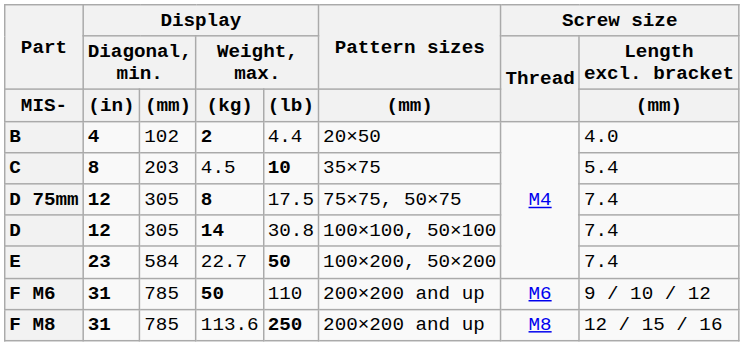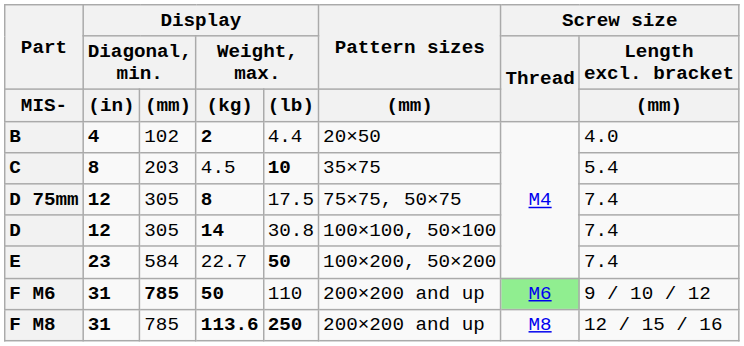 <table class="wikitable">
 <tr>
 <th rowspan=2>Part</th>
 <th colspan="4">Display</th>
 <th rowspan=2>Pattern sizes</th>
 <th colspan="2">Screw size</th>
 </tr>
 <tr>
 <th colspan="2">Diagonal,<br> min.</th>
 <th colspan="2">Weight,<br> max.</th>
 <th rowspan=2>Thread</th>
 <th>Length <br>excl. bracket</th>
 </tr>
 <tr>
 <th>MIS-</th>
 <th>(in)</th>
 <th>(mm)</th>
 <th>(kg)</th>
 <th>(lb)</th>
 <th>(mm)</th>
 <th>(mm)</th>
 </tr>
 <tr>
 <th style="text-align:left" scope="row">B</th>
 <td><strong>4</strong></td>
 <td>102</td>
 <td><strong>2</strong></td>
 <td>4.4</td>
 <td>20×50</td>
 <td rowspan="5" align="center"><a href='#'>M4</a></td>
 <td>4.0</td>
 </tr>
 <tr>
 <th style="text-align:left" scope="row">C</th>
 <td><strong>8</strong></td>
 <td>203</td>
 <td>4.5</td>
 <td><strong>10</strong></td>
 <td>35×75</td>
 <td>5.4</td>
 </tr>
 <tr>
 <th style="text-align:left" scope="row">D 75mm</th>
 <td><strong>12</strong></td>
 <td>305</td>
 <td><strong>8</strong></td>
 <td>17.5</td>
 <td>75×75, 50×75</td>
 <td>7.4</td>
 </tr>
 <tr>
 <th style="text-align:left" scope="row">D</th>
 <td><strong>12</strong></td>
 <td>305</td>
 <td><strong>14</strong></td>
 <td>30.8</td>
 <td>100×100, 50×100</td>
 <td>7.4</td>
 </tr>
 <tr>
 <th style="text-align:left" scope="row">E</th>
 <td><strong>23</strong></td>
 <td>584</td>
 <td>22.7</td>
 <td><strong>50</strong></td>
 <td>100×200, 50×200</td>
 <td>7.4</td>
 </tr>
 <tr>
 <th style="text-align:left" scope="row">F M6</th>
 <td><strong>31</strong></td>
-<td>785</td>
+<td><strong>785</strong></td>
 <td><strong>50</strong></td>
 <td>110</td>
 <td>200×200 and up</td>
-<td align="center"><a href='#'>M6</a></td>
+<td align="center" style="background: lightgreen;"><a href='#'>M6</a></td>
 <td>9 / 10 / 12</td>
 </tr>
 <tr>
 <th style="text-align:left" scope="row">F M8</th>
 <td><strong>31</strong></td>
 <td>785</td>
-<td>113.6</td>
+<td><strong>113.6</strong></td>
 <td><strong>250</strong></td>
 <td>200×200 and up</td>
 <td align="center"><a href='#'>M8</a></td>
 <td>12 / 15 / 16</td>
 </tr>
 </table>
